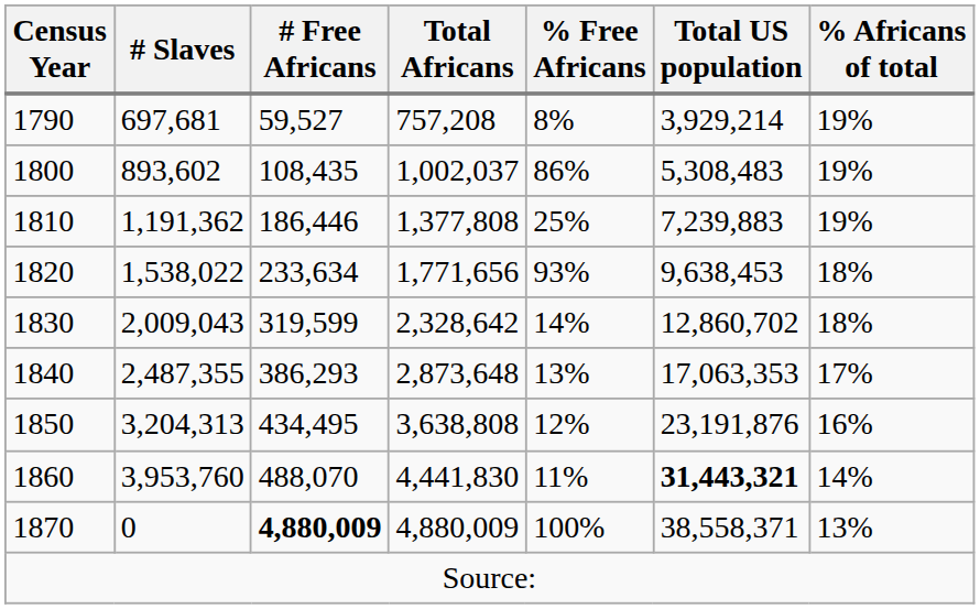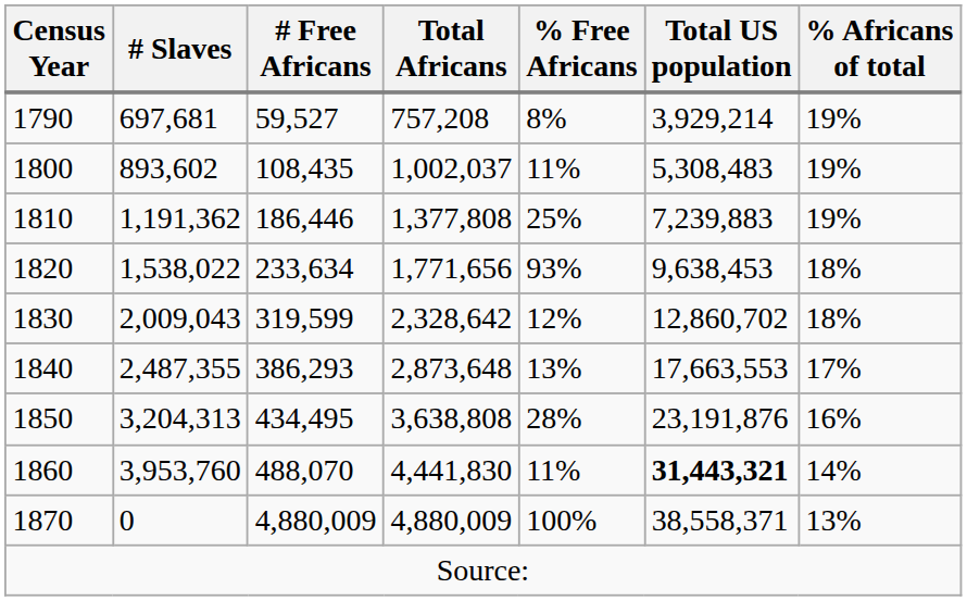 <table class="wikitable" style="ftext-align:right; font-size:95%;">
 <tr style="border-bottom:2px solid gray;">
 <th>Census<br>Year</th>
 <th># Slaves</th>
 <th># Free<br>Africans</th>
 <th>Total<br>Africans</th>
 <th>% Free<br>Africans</th>
 <th>Total US<br>population</th>
 <th>% Africans<br>of total</th>
 </tr>
 <tr>
 <td>1790</td>
 <td>697,681</td>
 <td>59,527</td>
 <td>757,208</td>
 <td>8%</td>
 <td>3,929,214</td>
 <td>19%</td>
 </tr>
 <tr>
 <td>1800</td>
 <td>893,602</td>
 <td>108,435</td>
 <td>1,002,037</td>
-<td>86%</td>
+<td>11%</td>
 <td>5,308,483</td>
 <td>19%</td>
 </tr>
 <tr>
 <td>1810</td>
 <td>1,191,362</td>
 <td>186,446</td>
 <td>1,377,808</td>
 <td>25%</td>
 <td>7,239,883</td>
 <td>19%</td>
 </tr>
 <tr>
 <td>1820</td>
 <td>1,538,022</td>
 <td>233,634</td>
 <td>1,771,656</td>
 <td>93%</td>
 <td>9,638,453</td>
 <td>18%</td>
 </tr>
 <tr>
 <td>1830</td>
 <td>2,009,043</td>
 <td>319,599</td>
 <td>2,328,642</td>
-<td>14%</td>
+<td>12%</td>
 <td>12,860,702</td>
 <td>18%</td>
 </tr>
 <tr>
 <td>1840</td>
 <td>2,487,355</td>
 <td>386,293</td>
 <td>2,873,648</td>
 <td>13%</td>
-<td>17,063,353</td>
+<td>17,663,553</td>
 <td>17%</td>
 </tr>
 <tr>
 <td>1850</td>
 <td>3,204,313</td>
 <td>434,495</td>
 <td>3,638,808</td>
-<td>12%</td>
+<td>28%</td>
 <td>23,191,876</td>
 <td>16%</td>
 </tr>
 <tr>
 <td>1860</td>
 <td>3,953,760</td>
 <td>488,070</td>
 <td>4,441,830</td>
 <td>11%</td>
 <td><strong>31,443,321</strong></td>
 <td>14%</td>
 </tr>
 <tr>
 <td>1870</td>
 <td>0</td>
-<td><strong>4,880,009</strong></td>
+<td>4,880,009</td>
 <td>4,880,009</td>
 <td>100%</td>
 <td>38,558,371</td>
 <td>13%</td>
 </tr>
 <tr>
 <td colspan="7" style="text-align:center;">Source:</td>
 </tr>
 </table>
